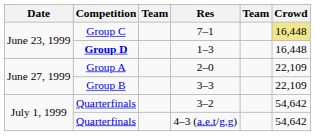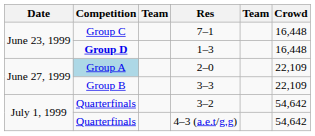 <table class="wikitable">
 <tr>
 <th>Date</th>
 <th>Competition</th>
 <th>Team</th>
 <th>Res</th>
 <th>Team</th>
 <th>Crowd</th>
 </tr>
 <tr align=center>
 <td rowspan="2">June 23, 1999</td>
 <td><a href='#'>Group C</a></td>
 <td></td>
 <td>7–1</td>
 <td></td>
-<td style="background: khaki;">16,448</td>
+<td>16,448</td>
 </tr>
 <tr align=center>
 <td><strong><a href='#'>Group D</a></strong></td>
 <td></td>
 <td>1–3</td>
 <td></td>
 <td>16,448</td>
 </tr>
 <tr align=center>
 <td rowspan="2">June 27, 1999</td>
-<td><a href='#'>Group A</a></td>
+<td style="background: lightblue;"><a href='#'>Group A</a></td>
 <td></td>
 <td>2–0</td>
 <td></td>
 <td>22,109</td>
 </tr>
 <tr align=center>
 <td><a href='#'>Group B</a></td>
 <td></td>
 <td>3–3</td>
 <td></td>
 <td>22,109</td>
 </tr>
 <tr align=center>
 <td rowspan="2">July 1, 1999</td>
 <td><a href='#'>Quarterfinals</a></td>
 <td></td>
 <td>3–2</td>
 <td></td>
 <td>54,642</td>
 </tr>
 <tr align=center>
 <td><a href='#'>Quarterfinals</a></td>
 <td></td>
 <td>4–3 (<a href='#'>a.e.t</a>/<a href='#'>g.g</a>)</td>
 <td></td>
 <td>54,642</td>
 </tr>
 </table>
